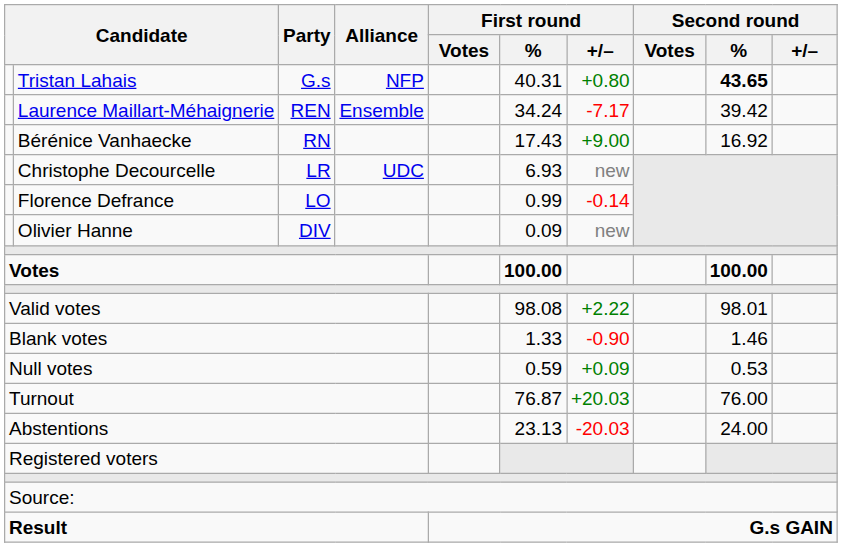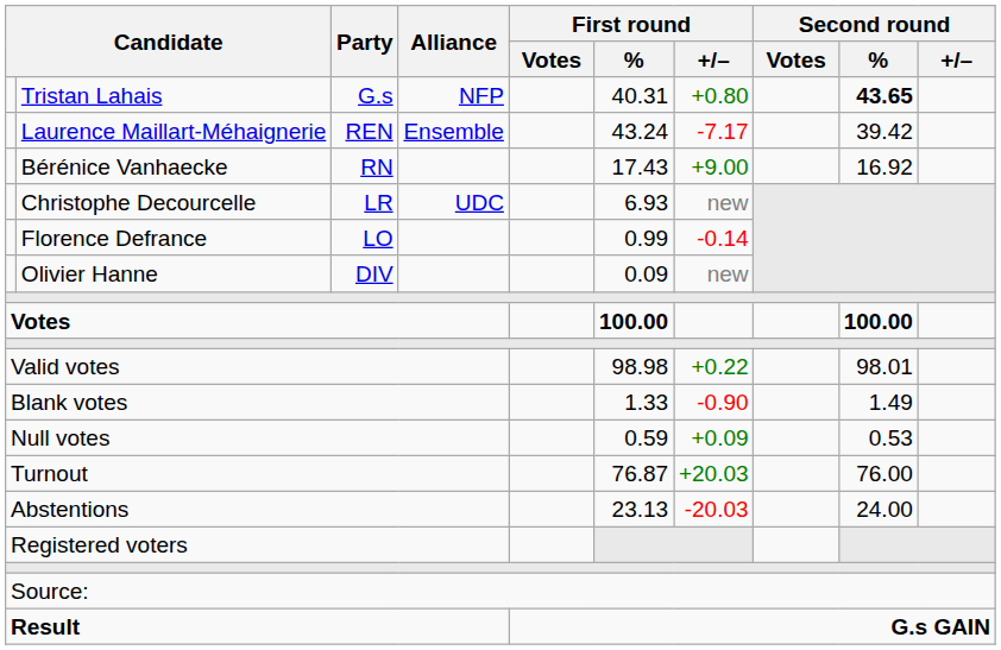 <table class="wikitable" style="text-align:right;font-size:95%;">
 <tr>
 <th rowspan="2" colspan="2">Candidate</th>
 <th colspan="1" rowspan="2">Party</th>
 <th colspan="1" rowspan="2">Alliance</th>
 <th colspan="3">First round</th>
 <th colspan="3">Second round</th>
 </tr>
 <tr>
 <th style="width:50px;">Votes</th>
 <th style="width:45px;">%</th>
 <th style="width:45px;">+/–</th>
 <th style="width:50px;">Votes</th>
 <th style="width:45px;">%</th>
 <th style="width:45px;">+/–</th>
 </tr>
 <tr>
 <td style="color:inherit;background:"></td>
 <td style="text-align:left;"><a href='#'>Tristan Lahais</a></td>
 <td><a href='#'>G.s</a></td>
 <td><a href='#'>NFP</a></td>
 <td></td>
 <td>40.31</td>
 <td style="color:green;">+0.80</td>
 <td><strong></strong></td>
 <td><strong>43.65</strong></td>
 <td style="color:grey;"></td>
 </tr>
 <tr>
 <td style="color:inherit;background:"></td>
 <td style="text-align:left;"><a href='#'>Laurence Maillart-Méhaignerie</a></td>
 <td><a href='#'>REN</a></td>
 <td><a href='#'>Ensemble</a></td>
 <td></td>
-<td>34.24</td>
+<td>43.24</td>
 <td style="color:red;">-7.17</td>
 <td></td>
 <td>39.42</td>
 <td style="color:grey;"></td>
 </tr>
 <tr>
 <td style="color:inherit;background:"></td>
 <td style="text-align:left;">Bérénice Vanhaecke</td>
 <td><a href='#'>RN</a></td>
 <td></td>
 <td></td>
 <td>17.43</td>
 <td style="color:green;">+9.00</td>
 <td></td>
 <td>16.92</td>
 <td style="color:grey;"></td>
 </tr>
 <tr>
 <td style="color:inherit;background:"></td>
 <td style="text-align:left;">Christophe Decourcelle</td>
 <td><a href='#'>LR</a></td>
 <td><a href='#'>UDC</a></td>
 <td></td>
 <td>6.93</td>
 <td style="color:grey;">new</td>
 <td colspan="3" rowspan="3" style="background:#E9E9E9;"></td>
 </tr>
 <tr>
 <td style="color:inherit;background:"></td>
 <td style="text-align:left;">Florence Defrance</td>
 <td><a href='#'>LO</a></td>
 <td></td>
 <td></td>
 <td>0.99</td>
 <td style="color:red;">-0.14</td>
 </tr>
 <tr>
 <td style="color:inherit;background:"></td>
 <td style="text-align:left;">Olivier Hanne</td>
 <td><a href='#'>DIV</a></td>
 <td></td>
 <td></td>
 <td>0.09</td>
 <td style="color:grey;">new</td>
 </tr>
 <tr>
 <td colspan="10" style="background:#E9E9E9;"></td>
 </tr>
 <tr style="font-weight:bold;">
 <td colspan="4" style="text-align:left;">Votes</td>
 <td></td>
 <td>100.00</td>
 <td></td>
 <td></td>
 <td>100.00</td>
 <td></td>
 </tr>
 <tr>
 <td colspan="10" style="background:#E9E9E9;"></td>
 </tr>
 <tr>
 <td colspan="4" style="text-align:left;">Valid votes</td>
 <td></td>
-<td>98.08</td>
-<td style="color:green;">+2.22</td>
+<td>98.98</td>
+<td style="color:green;">+0.22</td>
 <td></td>
 <td>98.01</td>
 <td style="color:grey;"></td>
 </tr>
 <tr>
 <td colspan="4" style="text-align:left;">Blank votes</td>
 <td></td>
 <td>1.33</td>
 <td style="color:red;">-0.90</td>
 <td></td>
-<td>1.46</td>
+<td>1.49</td>
 <td style="color:grey;"></td>
 </tr>
 <tr>
 <td colspan="4" style="text-align:left;">Null votes</td>
 <td></td>
 <td>0.59</td>
 <td style="color:green;">+0.09</td>
 <td></td>
 <td>0.53</td>
 <td style="color:grey;"></td>
 </tr>
 <tr>
 <td colspan="4" style="text-align:left;">Turnout</td>
 <td></td>
 <td>76.87</td>
 <td style="color:green;">+20.03</td>
 <td></td>
 <td>76.00</td>
 <td style="color:grey;"></td>
 </tr>
 <tr>
 <td colspan="4" style="text-align:left;">Abstentions</td>
 <td></td>
 <td>23.13</td>
 <td style="color:red;">-20.03</td>
 <td></td>
 <td>24.00</td>
 <td style="color:grey;"></td>
 </tr>
 <tr>
 <td colspan="4" style="text-align:left;">Registered voters</td>
 <td></td>
 <td colspan="2" style="background:#E9E9E9;"></td>
 <td></td>
 <td colspan="2" style="background:#E9E9E9;"></td>
 </tr>
 <tr>
 <td colspan="10" style="background:#E9E9E9;"></td>
 </tr>
 <tr>
 <td colspan="10" style="text-align:left;">Source: </td>
 </tr>
 <tr style="font-weight:bold">
 <td colspan="4" style="text-align:left;">Result</td>
 <td colspan="6" style="background-color:">G.s GAIN</td>
 </tr>
 </table>
